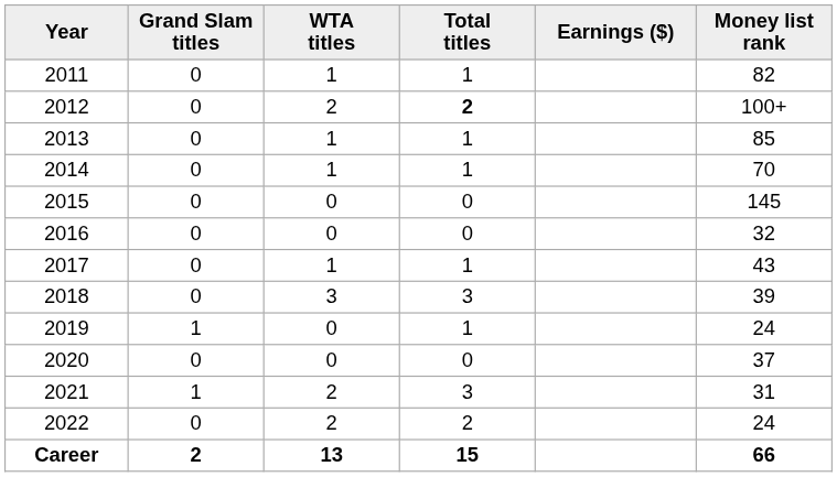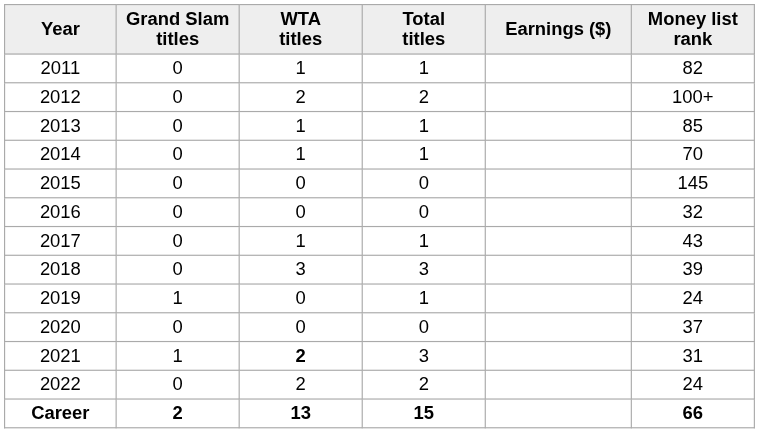 <table cellpadding=3 cellspacing=0 border=1 style=border:#aaa;solid:1px;border-collapse:collapse;text-align:center;>
 <tr style=background:#eee;font-weight:bold>
 <td width="90">Year</td>
 <td width="100">Grand Slam <br>titles</td>
 <td width="100">WTA <br>titles</td>
 <td width="100">Total <br>titles</td>
 <td width="120">Earnings ($)</td>
 <td width="100">Money list rank</td>
 </tr>
 <tr>
 <td>2011</td>
 <td>0</td>
 <td>1</td>
 <td>1</td>
 <td align="right"></td>
 <td>82</td>
 </tr>
 <tr>
 <td>2012</td>
 <td>0</td>
 <td>2</td>
-<td><strong>2</strong></td>
+<td>2</td>
 <td align="right"></td>
 <td>100+</td>
 </tr>
 <tr>
 <td>2013</td>
 <td>0</td>
 <td>1</td>
 <td>1</td>
 <td align="right"></td>
 <td>85</td>
 </tr>
 <tr>
 <td>2014</td>
 <td>0</td>
 <td>1</td>
 <td>1</td>
 <td align="right"></td>
 <td>70</td>
 </tr>
 <tr>
 <td>2015</td>
 <td>0</td>
 <td>0</td>
 <td>0</td>
 <td align="right"></td>
 <td>145</td>
 </tr>
 <tr>
 <td>2016</td>
 <td>0</td>
 <td>0</td>
 <td>0</td>
 <td align="right"></td>
 <td>32</td>
 </tr>
 <tr>
 <td>2017</td>
 <td>0</td>
 <td>1</td>
 <td>1</td>
 <td align="right"></td>
 <td>43</td>
 </tr>
 <tr>
 <td>2018</td>
 <td>0</td>
 <td>3</td>
 <td>3</td>
 <td align="right"></td>
 <td>39</td>
 </tr>
 <tr>
 <td>2019</td>
 <td>1</td>
 <td>0</td>
 <td>1</td>
 <td align="right"></td>
 <td>24</td>
 </tr>
 <tr>
 <td>2020</td>
 <td>0</td>
 <td>0</td>
 <td>0</td>
 <td align="right"></td>
 <td>37</td>
 </tr>
 <tr>
 <td>2021</td>
 <td>1</td>
-<td>2</td>
+<td><strong>2</strong></td>
 <td>3</td>
 <td align="right"></td>
 <td>31</td>
 </tr>
 <tr>
 <td>2022</td>
 <td>0</td>
 <td>2</td>
 <td>2</td>
 <td align="right"></td>
 <td>24</td>
 </tr>
 <tr style="font-weight:bold;">
 <td>Career</td>
 <td>2</td>
 <td>13</td>
 <td>15</td>
 <td align="right"></td>
 <td>66</td>
 </tr>
 </table>
